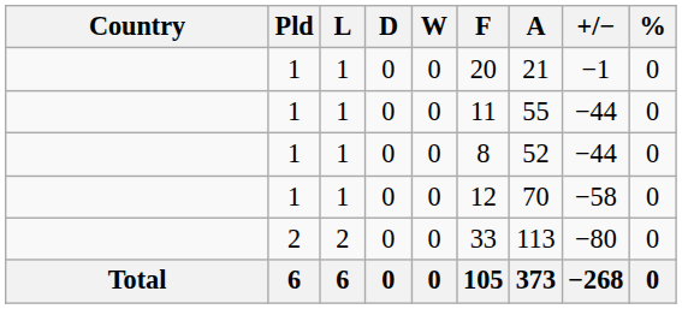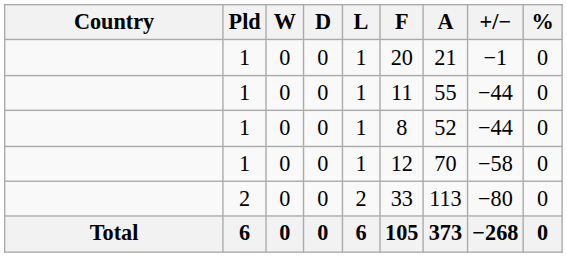 <table class="wikitable" style="text-align:center">
 <tr>
 <th width="150">Country</th>
 <th width="20">Pld</th>
+<th width="20">W</th>
+<th width="20">D</th>
 <th width="20">L</th>
-<th width="20">D</th>
-<th width="20">W</th>
 <th width="20">F</th>
 <th width="20">A</th>
 <th width="25">+/−</th>
 <th width="20">%</th>
 </tr>
 <tr>
 <td align=left></td>
 <td>1</td>
-<td>1</td>
 <td>0</td>
 <td>0</td>
+<td>1</td>
 <td>20</td>
 <td>21</td>
 <td>−1</td>
 <td>0</td>
 </tr>
 <tr>
 <td align=left></td>
 <td>1</td>
-<td>1</td>
 <td>0</td>
 <td>0</td>
+<td>1</td>
 <td>11</td>
 <td>55</td>
 <td>−44</td>
 <td>0</td>
 </tr>
 <tr>
 <td align=left></td>
 <td>1</td>
-<td>1</td>
 <td>0</td>
 <td>0</td>
+<td>1</td>
 <td>8</td>
 <td>52</td>
 <td>−44</td>
 <td>0</td>
 </tr>
 <tr>
 <td align=left></td>
 <td>1</td>
-<td>1</td>
 <td>0</td>
 <td>0</td>
+<td>1</td>
 <td>12</td>
 <td>70</td>
 <td>−58</td>
 <td>0</td>
 </tr>
 <tr>
 <td align=left></td>
 <td>2</td>
-<td>2</td>
 <td>0</td>
 <td>0</td>
+<td>2</td>
 <td>33</td>
 <td>113</td>
 <td>−80</td>
 <td>0</td>
 </tr>
 <tr>
 <th>Total</th>
 <th>6</th>
-<th>6</th>
 <th>0</th>
 <th>0</th>
+<th>6</th>
 <th>105</th>
 <th>373</th>
 <th>−268</th>
 <th>0</th>
 </tr>
 </table>
